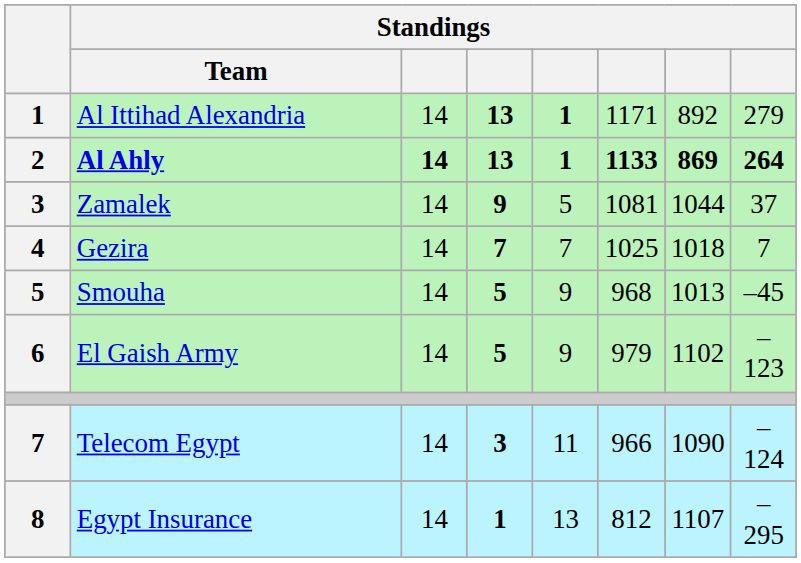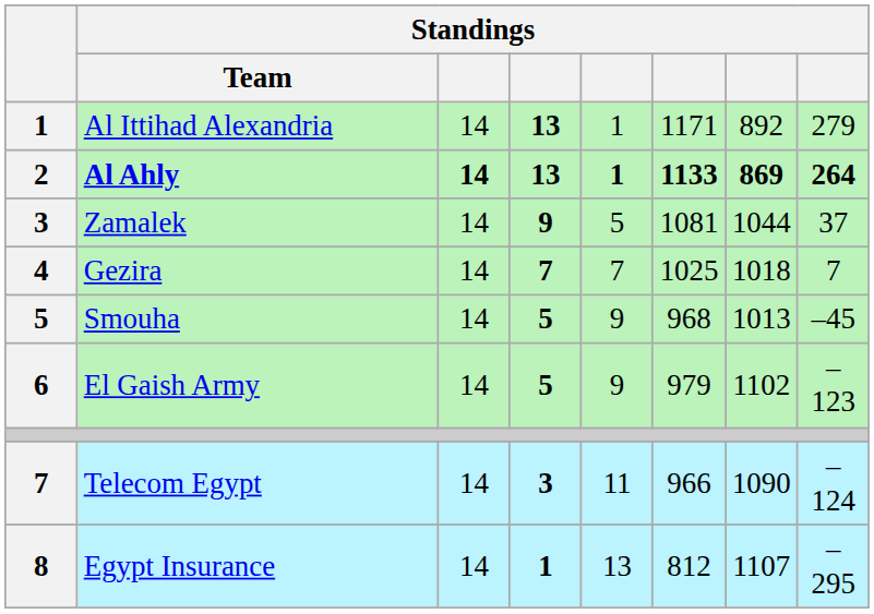 <table class="wikitable" style="font-size:95%; text-align:center">
 <tr>
 <th rowspan="2" width="30px"></th>
 <th colspan="7" style="text-align:center">Standings</th>
 </tr>
 <tr>
 <th width="180px">Team</th>
 <th width="30px"></th>
 <th width="30px"></th>
 <th width="30px"></th>
 <th width="30px"></th>
 <th width="30px"></th>
 <th width="30px"></th>
 </tr>
 <tr style="background-color:#BBF3BB;">
 <th>1</th>
 <td style="text-align:left;"><a href='#'>Al Ittihad Alexandria</a></td>
 <td>14</td>
 <td><strong>13</strong></td>
-<td><strong>1</strong></td>
+<td>1</td>
 <td>1171</td>
 <td>892</td>
 <td>279</td>
 </tr>
 <tr style="background-color:#BBF3BB;">
 <th>2</th>
 <td style="text-align:left;"><a href='#'><strong>Al Ahly</strong></a></td>
 <td><strong>14</strong></td>
 <td><strong>13</strong></td>
 <td><strong>1</strong></td>
 <td><strong>1133</strong></td>
 <td><strong>869</strong></td>
 <td><strong>264</strong></td>
 </tr>
 <tr style="background-color:#BBF3BB;">
 <th>3</th>
 <td style="text-align:left;"><a href='#'>Zamalek</a></td>
 <td>14</td>
 <td><strong>9</strong></td>
 <td>5</td>
 <td>1081</td>
 <td>1044</td>
 <td>37</td>
 </tr>
 <tr style="background-color:#BBF3BB;">
 <th>4</th>
 <td style="text-align:left;"><a href='#'>Gezira</a></td>
 <td>14</td>
 <td><strong>7</strong></td>
 <td>7</td>
 <td>1025</td>
 <td>1018</td>
 <td>7</td>
 </tr>
 <tr bgcolor="#BBF3BB">
 <th>5</th>
 <td style="text-align:left;"><a href='#'>Smouha</a></td>
 <td>14</td>
 <td><strong>5</strong></td>
 <td>9</td>
 <td>968</td>
 <td>1013</td>
 <td>–45</td>
 </tr>
 <tr bgcolor="#BBF3BB">
 <th>6</th>
 <td style="text-align:left;"><a href='#'>El Gaish Army</a></td>
 <td>14</td>
 <td><strong>5</strong></td>
 <td>9</td>
 <td>979</td>
 <td>1102</td>
 <td>–123</td>
 </tr>
 <tr style="background-color:#CCCCCC">
 <td colspan="8"></td>
 </tr>
 <tr bgcolor="#BBF3FF">
 <th>7</th>
 <td style="text-align:left;"><a href='#'>Telecom Egypt</a></td>
 <td>14</td>
 <td><strong>3</strong></td>
 <td>11</td>
 <td>966</td>
 <td>1090</td>
 <td>–124</td>
 </tr>
 <tr bgcolor="#BBF3FF">
 <th>8</th>
 <td style="text-align:left;"><a href='#'>Egypt Insurance</a></td>
 <td>14</td>
 <td><strong>1</strong></td>
 <td>13</td>
 <td>812</td>
 <td>1107</td>
 <td>–295</td>
 </tr>
 </table>
